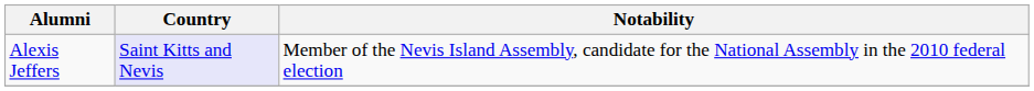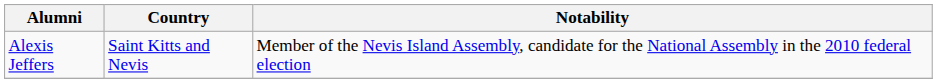 <table class="wikitable">
 <tr>
 <th>Alumni</th>
 <th>Country</th>
 <th>Notability</th>
 </tr>
 <tr>
 <td><a href='#'>Alexis Jeffers</a></td>
-<td style="background: lavender;"><a href='#'>Saint Kitts and Nevis</a></td>
+<td><a href='#'>Saint Kitts and Nevis</a></td>
 <td>Member of the <a href='#'>Nevis Island Assembly</a>, candidate for the <a href='#'>National Assembly</a> in the <a href='#'>2010 federal election</a></td>
 </tr>
 <tr>
 </tr>
 </table>
